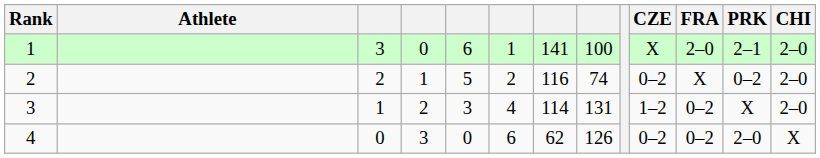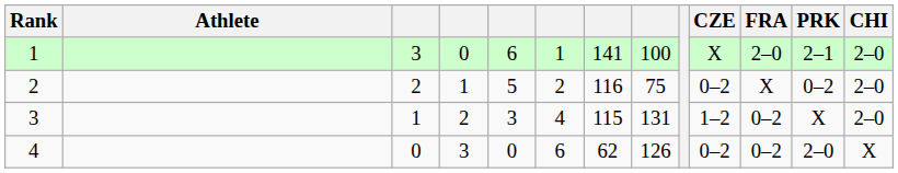 <table class="wikitable" style="text-align:center">
 <tr>
 <th>Rank</th>
 <th width=250>Athlete</th>
 <th width=30></th>
 <th width=30></th>
 <th width=30></th>
 <th width=30></th>
 <th width=30></th>
 <th width=30></th>
 <th rowspan=5></th>
 <th width=30>CZE</th>
 <th width=30>FRA</th>
 <th width=30>PRK</th>
 <th width=30>CHI</th>
 </tr>
 <tr style="background-color:#ccffcc;">
 <td>1</td>
 <td align=left></td>
 <td>3</td>
 <td>0</td>
 <td>6</td>
 <td>1</td>
 <td>141</td>
 <td>100</td>
 <td>X</td>
 <td>2–0</td>
 <td>2–1</td>
 <td>2–0</td>
 </tr>
 <tr>
 <td>2</td>
 <td align=left></td>
 <td>2</td>
 <td>1</td>
 <td>5</td>
 <td>2</td>
 <td>116</td>
-<td>74</td>
+<td>75</td>
 <td>0–2</td>
 <td>X</td>
 <td>0–2</td>
 <td>2–0</td>
 </tr>
 <tr>
 <td>3</td>
 <td align=left></td>
 <td>1</td>
 <td>2</td>
 <td>3</td>
 <td>4</td>
-<td>114</td>
+<td>115</td>
 <td>131</td>
 <td>1–2</td>
 <td>0–2</td>
 <td>X</td>
 <td>2–0</td>
 </tr>
 <tr>
 <td>4</td>
 <td align=left></td>
 <td>0</td>
 <td>3</td>
 <td>0</td>
 <td>6</td>
 <td>62</td>
 <td>126</td>
 <td>0–2</td>
 <td>0–2</td>
 <td>2–0</td>
 <td>X</td>
 </tr>
 </table>
